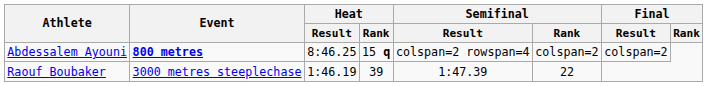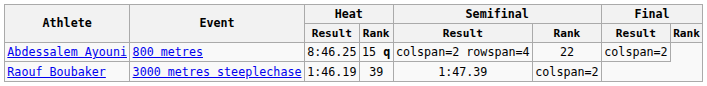 <table class="wikitable" style="font-size:90%">
 <tr>
 <th rowspan="2">Athlete</th>
 <th rowspan="2">Event</th>
 <th colspan="2">Heat</th>
 <th colspan="2">Semifinal</th>
 <th colspan="2">Final</th>
 </tr>
 <tr style="font-size:95%">
 <th>Result</th>
 <th>Rank</th>
 <th>Result</th>
 <th>Rank</th>
 <th>Result</th>
 <th>Rank</th>
 </tr>
 <tr style=text-align:center>
 <td style=text-align:left><a href='#'>Abdessalem Ayouni</a></td>
-<td style=text-align:left><strong><a href='#'>800 metres</a></strong></td>
+<td style=text-align:left><a href='#'>800 metres</a></td>
 <td>8:46.25</td>
 <td>15 <strong>q</strong></td>
 <td>colspan=2 rowspan=4</td>
-<td>colspan=2 </td>
+<td>22</td>
 <td>colspan=2 </td>
 </tr>
 <tr style=text-align:center>
 <td style=text-align:left><a href='#'>Raouf Boubaker</a></td>
 <td style=text-align:left><a href='#'>3000 metres steeplechase</a></td>
 <td>1:46.19</td>
 <td>39</td>
 <td>1:47.39</td>
-<td>22</td>
+<td>colspan=2 </td>
 </tr>
 </table>
